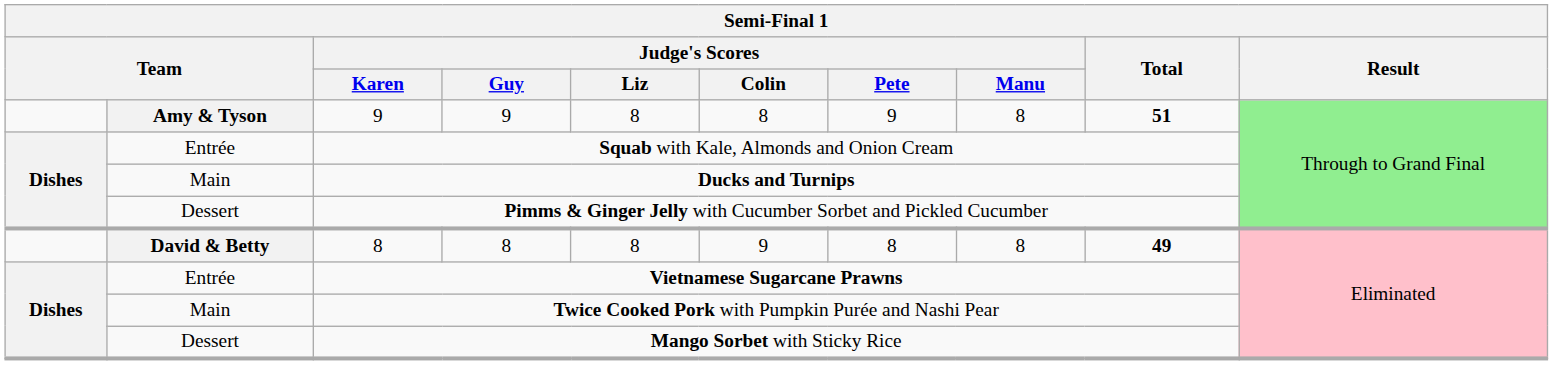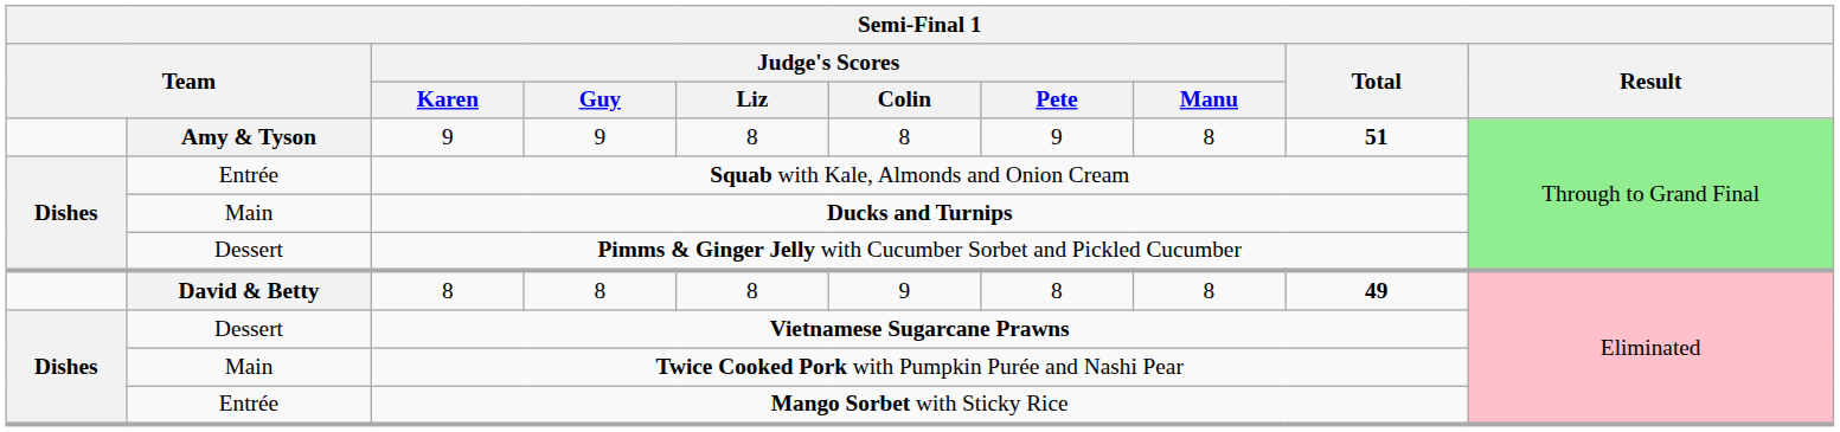 <table class="wikitable plainrowheaders" style="margin:1em auto; text-align:center; font-size:90%; width:80em;">
 <tr>
 <th colspan="10" >Semi-Final 1</th>
 </tr>
 <tr>
 <th rowspan="2" style="width:20%;" colspan="2">Team</th>
 <th colspan="6" style="width:50%;">Judge's Scores</th>
 <th rowspan="2" style="width:10%;">Total<br></th>
 <th rowspan="2" style="width:20%;">Result</th>
 </tr>
 <tr>
 <th style="width:50px;"><a href='#'>Karen</a></th>
 <th style="width:50px;"><a href='#'>Guy</a></th>
 <th style="width:50px;">Liz</th>
 <th style="width:50px;">Colin</th>
 <th style="width:50px;"><a href='#'>Pete</a></th>
 <th style="width:50px;"><a href='#'>Manu</a></th>
 </tr>
 <tr>
 <td></td>
 <th>Amy & Tyson</th>
 <td>9</td>
 <td>9</td>
 <td>8</td>
 <td>8</td>
 <td>9</td>
 <td>8</td>
 <td><strong>51</strong></td>
 <td rowspan="4" style="background:lightgreen">Through to Grand Final</td>
 </tr>
 <tr>
 <th rowspan="3">Dishes</th>
 <td>Entrée</td>
 <td colspan="7"><strong>Squab</strong> with Kale, Almonds and Onion Cream</td>
 </tr>
 <tr>
 <td>Main</td>
 <td colspan="7"><strong>Ducks and Turnips</strong></td>
 </tr>
 <tr>
 <td>Dessert</td>
 <td colspan="7"><strong>Pimms & Ginger Jelly</strong> with Cucumber Sorbet and Pickled Cucumber</td>
 </tr>
 <tr style="border-top:3px solid #aaa;">
 <td></td>
 <th>David & Betty</th>
 <td>8</td>
 <td>8</td>
 <td>8</td>
 <td>9</td>
 <td>8</td>
 <td>8</td>
 <td><strong>49</strong></td>
 <td style="background:pink" rowspan="4">Eliminated</td>
 </tr>
 <tr>
 <th rowspan="3">Dishes</th>
-<td>Entrée</td>
+<td>Dessert</td>
 <td colspan="7"><strong>Vietnamese Sugarcane Prawns</strong></td>
 </tr>
 <tr>
 <td>Main</td>
 <td colspan="7"><strong>Twice Cooked Pork</strong> with Pumpkin Purée and Nashi Pear</td>
 </tr>
 <tr>
-<td>Dessert</td>
+<td>Entrée</td>
 <td colspan="7"><strong>Mango Sorbet</strong> with Sticky Rice</td>
 </tr>
 <tr style="border-top:3px solid #aaa;">
 </tr>
 </table>
